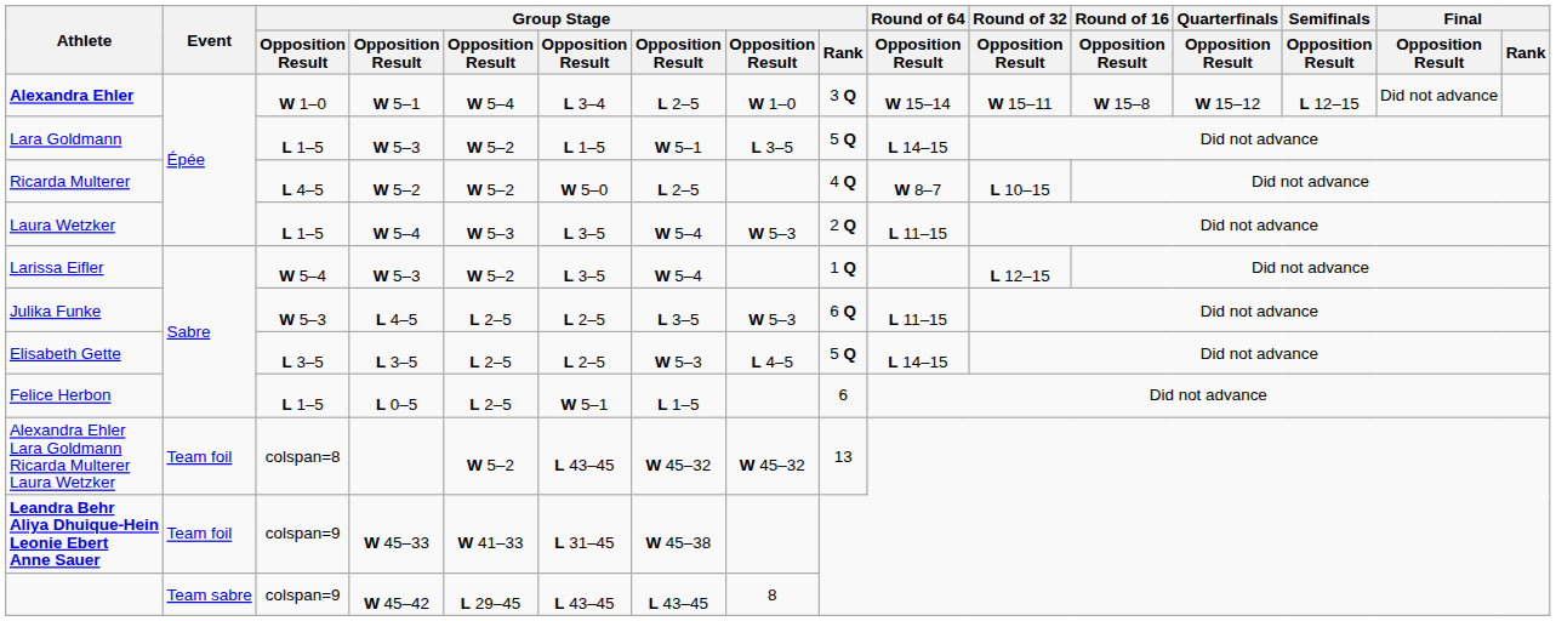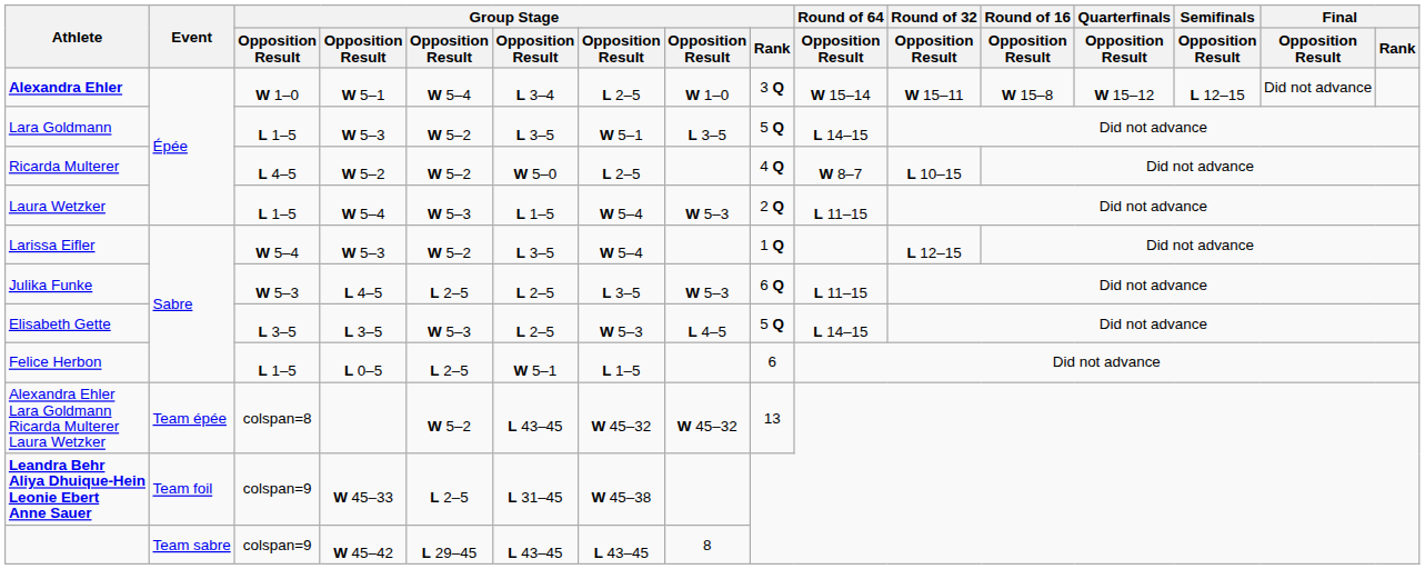 <table class=wikitable style="font-size:70%">
 <tr>
 <th rowspan="2">Athlete</th>
 <th rowspan="2">Event</th>
 <th colspan="7">Group Stage</th>
 <th>Round of 64</th>
 <th>Round of 32</th>
 <th>Round of 16</th>
 <th>Quarterfinals</th>
 <th>Semifinals</th>
 <th colspan="2">Final</th>
 </tr>
 <tr>
 <th>Opposition<br>Result</th>
 <th>Opposition<br>Result</th>
 <th>Opposition<br>Result</th>
 <th>Opposition<br>Result</th>
 <th>Opposition<br>Result</th>
 <th>Opposition<br>Result</th>
 <th>Rank</th>
 <th>Opposition<br>Result</th>
 <th>Opposition<br>Result</th>
 <th>Opposition<br>Result</th>
 <th>Opposition<br>Result</th>
 <th>Opposition<br>Result</th>
 <th>Opposition<br>Result</th>
 <th>Rank</th>
 </tr>
 <tr align=center>
 <td align=left><strong><a href='#'>Alexandra Ehler</a></strong></td>
 <td align=left rowspan=4><a href='#'>Épée</a></td>
 <td><br><strong>W</strong> 1–0</td>
 <td><br><strong>W</strong> 5–1</td>
 <td><br><strong>W</strong> 5–4</td>
 <td><br><strong>L</strong> 3–4</td>
 <td><br><strong>L</strong> 2–5</td>
 <td><br><strong>W</strong> 1–0</td>
 <td>3 <strong>Q</strong></td>
 <td><br><strong>W</strong> 15–14</td>
 <td><br><strong>W</strong> 15–11</td>
 <td><br><strong>W</strong> 15–8</td>
 <td><br><strong>W</strong> 15–12</td>
 <td><br><strong>L</strong> 12–15</td>
 <td>Did not advance</td>
 <td></td>
 </tr>
 <tr align=center>
 <td align=left><a href='#'>Lara Goldmann</a></td>
 <td><br><strong>L</strong> 1–5</td>
 <td><br><strong>W</strong> 5–3</td>
 <td><br><strong>W</strong> 5–2</td>
-<td><br><strong>L</strong> 1–5</td>
+<td><br><strong>L</strong> 3–5</td>
 <td><br><strong>W</strong> 5–1</td>
 <td><br><strong>L</strong> 3–5</td>
 <td>5 <strong>Q</strong></td>
 <td><br><strong>L</strong> 14–15</td>
 <td colspan=6>Did not advance</td>
 </tr>
 <tr align=center>
 <td align=left><a href='#'>Ricarda Multerer</a></td>
 <td><br><strong>L</strong> 4–5</td>
 <td><br><strong>W</strong> 5–2</td>
 <td><br><strong>W</strong> 5–2</td>
 <td><br><strong>W</strong> 5–0</td>
 <td><br><strong>L</strong> 2–5</td>
 <td></td>
 <td>4 <strong>Q</strong></td>
 <td><br><strong>W</strong> 8–7</td>
 <td><br><strong>L</strong> 10–15</td>
 <td colspan=5>Did not advance</td>
 </tr>
 <tr align=center>
 <td align=left><a href='#'>Laura Wetzker</a></td>
 <td><br><strong>L</strong> 1–5</td>
 <td><br><strong>W</strong> 5–4</td>
 <td><br><strong>W</strong> 5–3</td>
-<td><br><strong>L</strong> 3–5</td>
+<td><br><strong>L</strong> 1–5</td>
 <td><br><strong>W</strong> 5–4</td>
 <td><br><strong>W</strong> 5–3</td>
 <td>2 <strong>Q</strong></td>
 <td><br><strong>L</strong> 11–15</td>
 <td colspan=6>Did not advance</td>
 </tr>
 <tr align=center>
 <td align=left><a href='#'>Larissa Eifler</a></td>
 <td align=left rowspan=4><a href='#'>Sabre</a></td>
 <td><br><strong>W</strong> 5–4</td>
 <td><br><strong>W</strong> 5–3</td>
 <td><br><strong>W</strong> 5–2</td>
 <td><br><strong>L</strong> 3–5</td>
 <td><br><strong>W</strong> 5–4</td>
 <td></td>
 <td>1 <strong>Q</strong></td>
 <td></td>
 <td><br><strong>L</strong> 12–15</td>
 <td colspan=5>Did not advance</td>
 </tr>
 <tr align=center>
 <td align=left><a href='#'>Julika Funke</a></td>
 <td><br><strong>W</strong> 5–3</td>
 <td><br><strong>L</strong> 4–5</td>
 <td><br><strong>L</strong> 2–5</td>
 <td><br><strong>L</strong> 2–5</td>
 <td><br><strong>L</strong> 3–5</td>
 <td><br><strong>W</strong> 5–3</td>
 <td>6 <strong>Q</strong></td>
 <td><br><strong>L</strong> 11–15</td>
 <td colspan=6>Did not advance</td>
 </tr>
 <tr align=center>
 <td align=left><a href='#'>Elisabeth Gette</a></td>
 <td><br><strong>L</strong> 3–5</td>
 <td><br><strong>L</strong> 3–5</td>
-<td><br><strong>L</strong> 2–5</td>
+<td><br><strong>W</strong> 5–3</td>
 <td><br><strong>L</strong> 2–5</td>
 <td><br><strong>W</strong> 5–3</td>
 <td><br><strong>L</strong> 4–5</td>
 <td>5 <strong>Q</strong></td>
 <td><br><strong>L</strong> 14–15</td>
 <td colspan=6>Did not advance</td>
 </tr>
 <tr align=center>
 <td align=left><a href='#'>Felice Herbon</a></td>
 <td><br><strong>L</strong> 1–5</td>
 <td><br><strong>L</strong> 0–5</td>
 <td><br><strong>L</strong> 2–5</td>
 <td><br><strong>W</strong> 5–1</td>
 <td><br><strong>L</strong> 1–5</td>
 <td></td>
 <td>6</td>
 <td colspan=7>Did not advance</td>
 </tr>
 <tr align=center>
 <td align=left><a href='#'>Alexandra Ehler</a><br><a href='#'>Lara Goldmann</a><br><a href='#'>Ricarda Multerer</a><br><a href='#'>Laura Wetzker</a></td>
-<td align=left><a href='#'>Team foil</a></td>
+<td align=left><a href='#'>Team épée</a></td>
 <td>colspan=8</td>
 <td></td>
 <td><br><strong>W</strong> 5–2</td>
 <td><br><strong>L</strong> 43–45</td>
 <td><br><strong>W</strong> 45–32</td>
 <td><br><strong>W</strong> 45–32</td>
 <td>13</td>
 </tr>
 <tr align=center>
 <td align=left><strong><a href='#'>Leandra Behr</a><br><a href='#'>Aliya Dhuique-Hein</a><br><a href='#'>Leonie Ebert</a><br><a href='#'>Anne Sauer</a></strong></td>
 <td align=left><a href='#'>Team foil</a></td>
 <td>colspan=9</td>
 <td><br><strong>W</strong> 45–33</td>
-<td><br><strong>W</strong> 41–33</td>
+<td><br><strong>L</strong> 2–5</td>
 <td><br><strong>L</strong> 31–45</td>
 <td><br><strong>W</strong> 45–38</td>
 <td></td>
 </tr>
 <tr align=center>
 <td align=left></td>
 <td align=left><a href='#'>Team sabre</a></td>
 <td>colspan=9</td>
 <td><br><strong>W</strong> 45–42</td>
 <td><br><strong>L</strong> 29–45</td>
 <td><br><strong>L</strong> 43–45</td>
 <td><br><strong>L</strong> 43–45</td>
 <td>8</td>
 </tr>
 </table>
